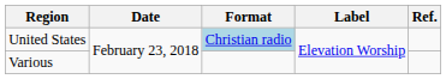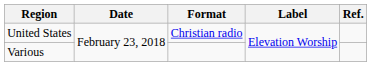 <table class="wikitable plainrowheaders">
 <tr>
 <th scope="col">Region</th>
 <th scope="col">Date</th>
 <th scope="col">Format</th>
 <th scope="col">Label</th>
 <th scope="col">Ref.</th>
 </tr>
 <tr>
 <td>United States</td>
 <td rowspan="2">February 23, 2018</td>
-<td style="background: lightblue;"><a href='#'>Christian radio</a></td>
+<td><a href='#'>Christian radio</a></td>
 <td rowspan="2"><a href='#'>Elevation Worship</a></td>
 <td></td>
 </tr>
 <tr>
 <td>Various</td>
 <td></td>
 <td></td>
 </tr>
 </table>
